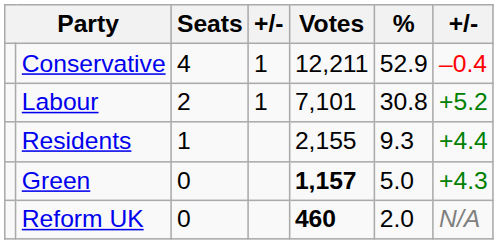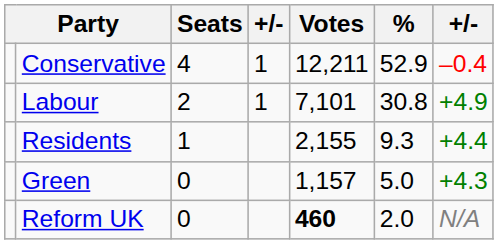 <table class="wikitable">
 <tr>
 <th colspan="2">Party</th>
 <th>Seats</th>
 <th>+/-</th>
 <th>Votes</th>
 <th>%</th>
 <th>+/-</th>
 </tr>
 <tr>
 <td style="background-color: "></td>
 <td><a href='#'>Conservative</a></td>
 <td>4</td>
 <td> 1</td>
 <td>12,211</td>
 <td>52.9</td>
 <td style="color:red">–0.4</td>
 </tr>
 <tr>
 <td style="background-color: "></td>
 <td><a href='#'>Labour</a></td>
 <td>2</td>
 <td> 1</td>
 <td>7,101</td>
 <td>30.8</td>
-<td style="color:green">+5.2</td>
+<td style="color:green">+4.9</td>
 </tr>
 <tr>
 <td style="background-color: "></td>
 <td><a href='#'>Residents</a></td>
 <td>1</td>
 <td></td>
 <td>2,155</td>
 <td>9.3</td>
 <td style="color:green">+4.4</td>
 </tr>
 <tr>
 <td style="background-color: "></td>
 <td><a href='#'>Green</a></td>
 <td>0</td>
 <td></td>
-<td><strong>1,157</strong></td>
+<td>1,157</td>
 <td>5.0</td>
 <td style="color:green">+4.3</td>
 </tr>
 <tr>
 <td style="background-color: "></td>
 <td><a href='#'>Reform UK</a></td>
 <td>0</td>
 <td></td>
 <td><strong>460</strong></td>
 <td>2.0</td>
 <td span style="color:grey"><em>N/A</em></td>
 </tr>
 </table>
